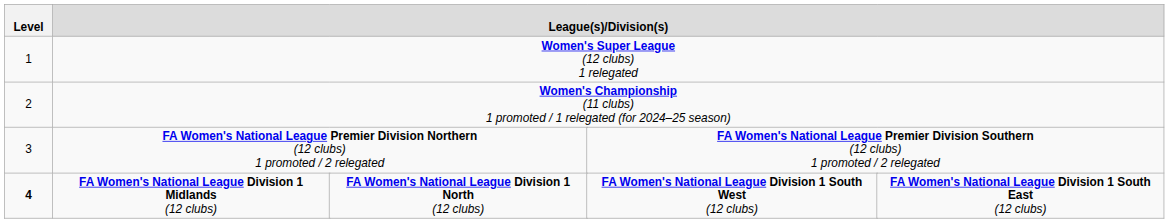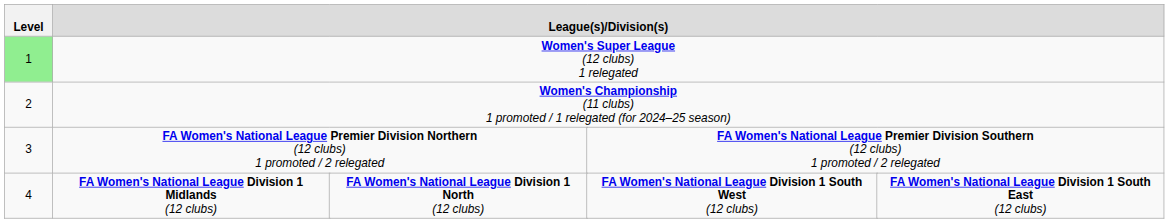 <table class="wikitable" style="text-align: center;">
 <tr>
 <th style="width:4%;"><br>Level</th>
 <th colspan="8" style="width:92%;background-color: Gainsboro"><br>League(s)/Division(s)</th>
 </tr>
 <tr>
-<td>1</td>
+<td style="background: lightgreen;">1</td>
 <td colspan="8"><strong><a href='#'>Women's Super League</a></strong><br><em>(12 clubs)</em><br><em>1 relegated</em></td>
 </tr>
 <tr>
 <td>2</td>
 <td colspan="8"><strong><a href='#'>Women's Championship</a></strong><br><em>(11 clubs)</em><br><em>1 promoted / 1 relegated (for 2024–25 season)</em></td>
 </tr>
 <tr>
 <td>3</td>
 <td colspan="4"><strong><a href='#'>FA Women's National League</a> Premier Division Northern</strong><br><em>(12 clubs)</em><br><em>1 promoted / 2 relegated</em></td>
 <td colspan="4"><strong><a href='#'>FA Women's National League</a> Premier Division Southern</strong><br><em>(12 clubs)</em><br><em>1 promoted / 2 relegated</em></td>
 </tr>
 <tr>
-<td><strong>4</strong></td>
+<td>4</td>
 <td colspan="2"><strong><a href='#'>FA Women's National League</a> Division 1 Midlands</strong><br><em>(12 clubs)</em></td>
 <td colspan="2"><strong><a href='#'>FA Women's National League</a> Division 1 North</strong><br><em>(12 clubs)</em></td>
 <td colspan="2"><strong><a href='#'>FA Women's National League</a> Division 1 South West</strong><br><em>(12 clubs)</em></td>
 <td colspan="2"><strong><a href='#'>FA Women's National League</a> Division 1 South East</strong><br><em>(12 clubs)</em></td>
 </tr>
 </table>
